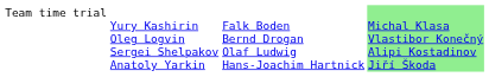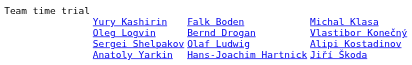 <table>
 <tr>
 <td><br></td>
 <td></td>
 <td></td>
 <td></td>
 </tr>
 <tr valign="top">
 <td>Team time trial<br></td>
 <td><br><a href='#'>Yury Kashirin</a><br><a href='#'>Oleg Logvin</a><br><a href='#'>Sergei Shelpakov</a><br><a href='#'>Anatoly Yarkin</a></td>
 <td><br><a href='#'>Falk Boden</a><br><a href='#'>Bernd Drogan</a><br><a href='#'>Olaf Ludwig</a><br><a href='#'>Hans-Joachim Hartnick</a></td>
-<td style="background: lightgreen;"><br><a href='#'>Michal Klasa</a><br><a href='#'>Vlastibor Konečný</a><br><a href='#'>Alipi Kostadinov</a><br><a href='#'>Jiří Škoda</a></td>
+<td><br><a href='#'>Michal Klasa</a><br><a href='#'>Vlastibor Konečný</a><br><a href='#'>Alipi Kostadinov</a><br><a href='#'>Jiří Škoda</a></td>
 </tr>
 </table>
